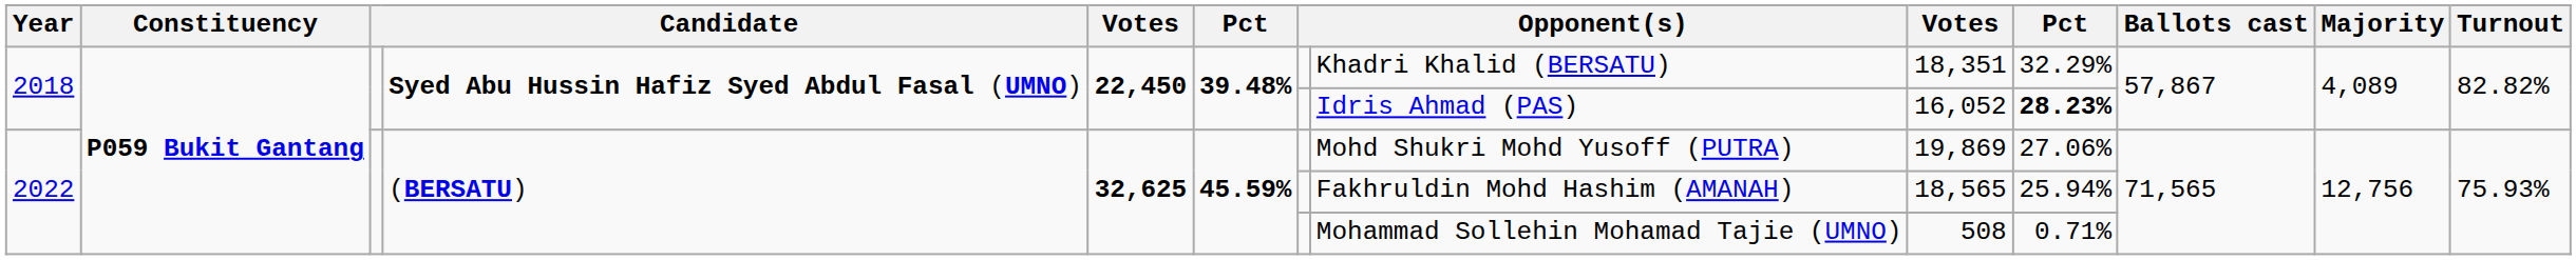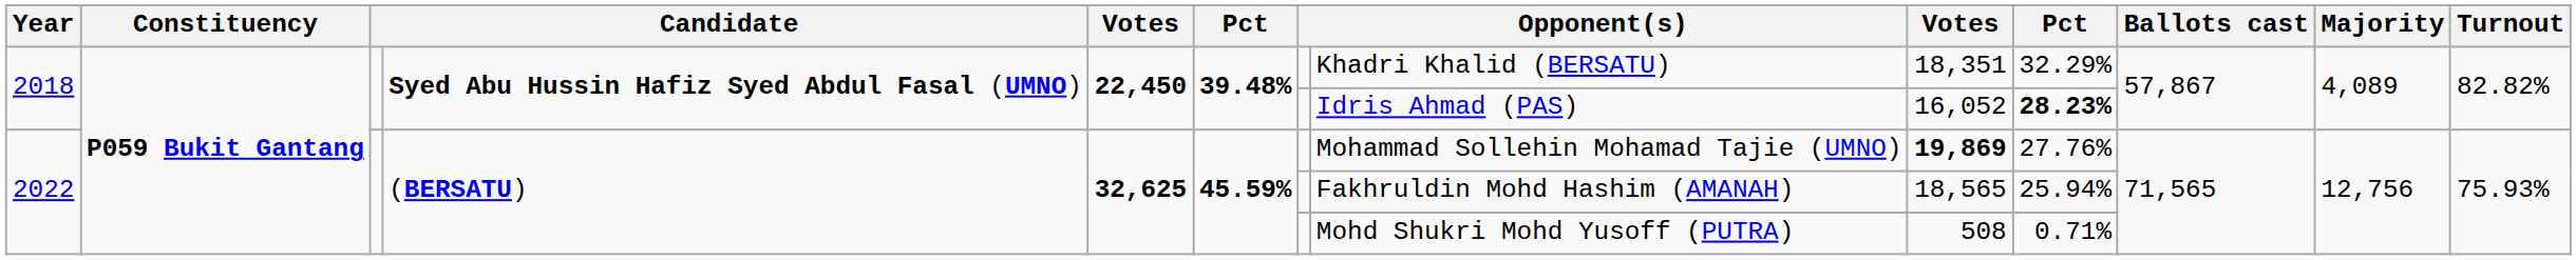 <table class="wikitable" style="margin:0.5em ; font-size:95%">
 <tr>
 <th>Year</th>
 <th>Constituency</th>
 <th colspan=2>Candidate</th>
 <th>Votes</th>
 <th>Pct</th>
 <th colspan=2>Opponent(s)</th>
 <th>Votes</th>
 <th>Pct</th>
 <th>Ballots cast</th>
 <th>Majority</th>
 <th>Turnout</th>
 </tr>
 <tr>
 <td rowspan=2><a href='#'>2018</a></td>
 <td rowspan=5><strong>P059 <a href='#'>Bukit Gantang</a></strong></td>
 <td rowspan=2 ></td>
 <td rowspan=2><strong>Syed Abu Hussin Hafiz Syed Abdul Fasal</strong> (<a href='#'><strong>UMNO</strong></a>)</td>
 <td rowspan=2 align="right"><strong>22,450</strong></td>
 <td rowspan=2><strong>39.48%</strong></td>
 <td></td>
 <td>Khadri Khalid (<a href='#'>BERSATU</a>)</td>
 <td align="right">18,351</td>
 <td>32.29%</td>
 <td rowspan=2>57,867</td>
 <td rowspan=2>4,089</td>
 <td rowspan=2>82.82%</td>
 </tr>
 <tr>
 <td></td>
 <td><a href='#'>Idris Ahmad</a> (<a href='#'>PAS</a>)</td>
 <td align="right">16,052</td>
 <td><strong>28.23%</strong></td>
 </tr>
 <tr>
 <td rowspan=3><a href='#'>2022</a></td>
 <td rowspan=3 bgcolor=></td>
 <td rowspan=3><strong></strong> (<a href='#'><strong>BERSATU</strong></a>)</td>
 <td rowspan=3 align="right"><strong>32,625</strong></td>
 <td rowspan=3><strong>45.59%</strong></td>
 <td></td>
-<td>Mohd Shukri Mohd Yusoff (<a href='#'>PUTRA</a>)</td>
-<td align="right">19,869</td>
-<td>27.06%</td>
+<td>Mohammad Sollehin Mohamad Tajie (<a href='#'>UMNO</a>)</td>
+<td align="right"><strong>19,869</strong></td>
+<td>27.76%</td>
 <td rowspan=3>71,565</td>
 <td rowspan=3>12,756</td>
 <td rowspan=3>75.93%</td>
 </tr>
 <tr>
 <td></td>
 <td>Fakhruldin Mohd Hashim  (<a href='#'>AMANAH</a>)</td>
 <td align="right">18,565</td>
 <td>25.94%</td>
 </tr>
 <tr>
 <td bgcolor=></td>
-<td>Mohammad Sollehin Mohamad Tajie (<a href='#'>UMNO</a>)</td>
+<td>Mohd Shukri Mohd Yusoff (<a href='#'>PUTRA</a>)</td>
 <td align="right">508</td>
 <td align=right>0.71%</td>
 </tr>
 </table>
